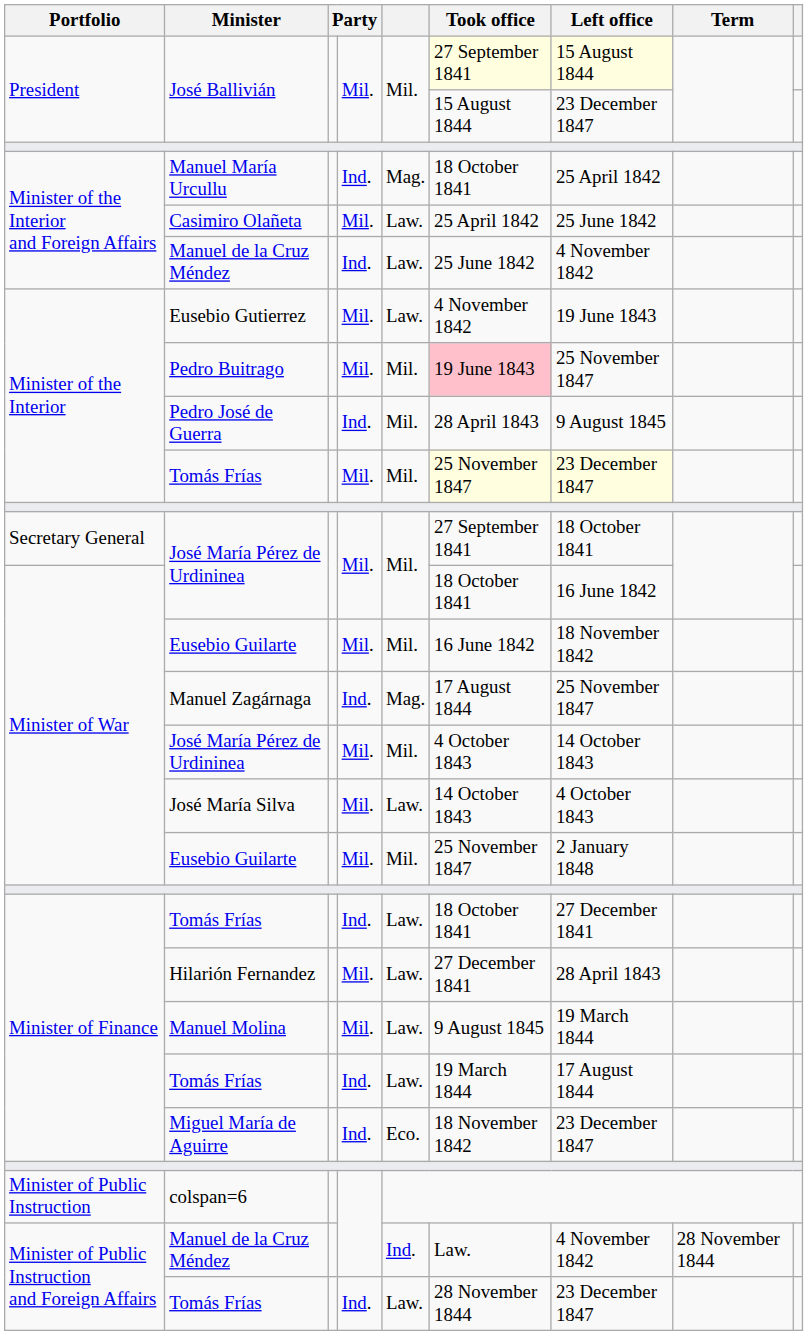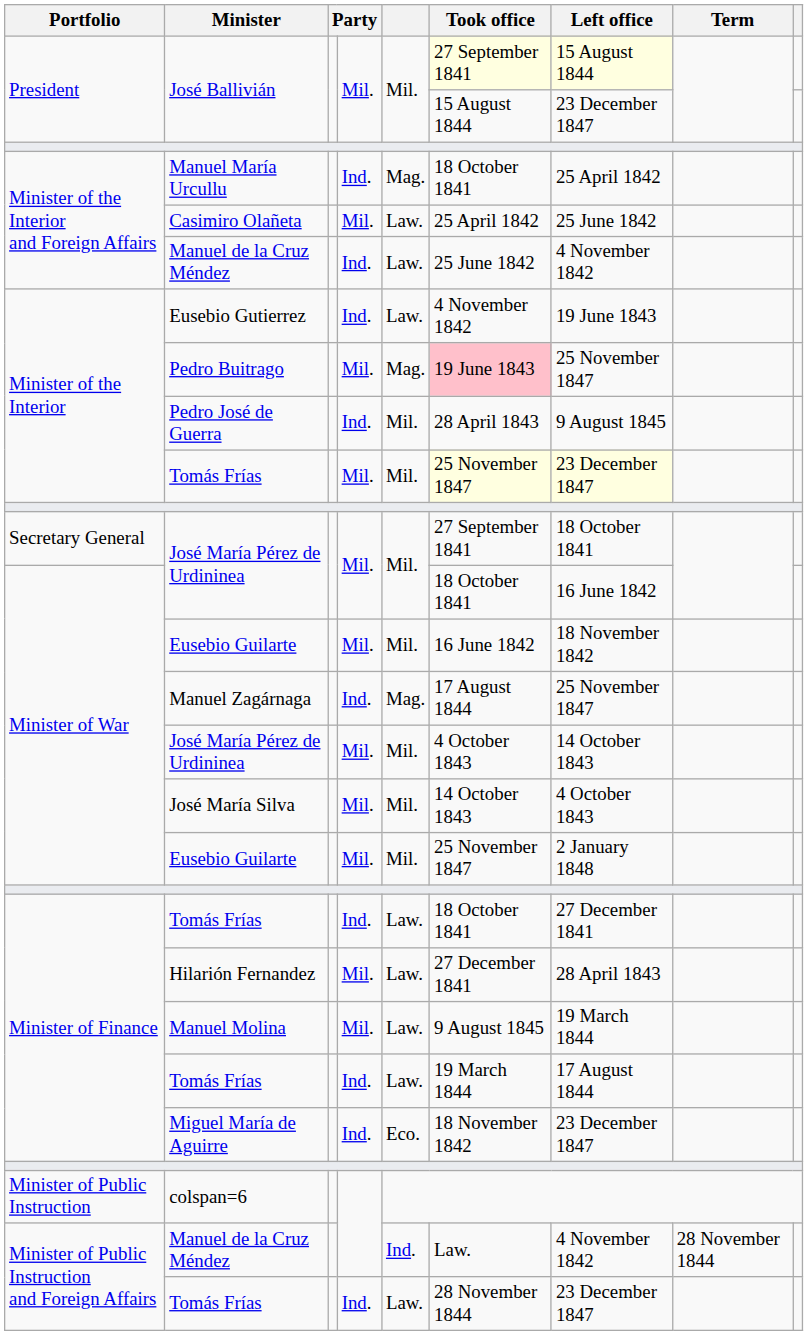 <table class="wikitable" style="font-size: 90%;">
 <tr>
 <th>Portfolio</th>
 <th>Minister</th>
 <th colspan="2">Party</th>
 <th></th>
 <th>Took office</th>
 <th>Left office</th>
 <th>Term</th>
 <th></th>
 </tr>
 <tr>
 <td rowspan=2><a href='#'>President</a></td>
 <td rowspan=2><a href='#'>José Ballivián</a></td>
 <td rowspan=2 style="background-color:"></td>
 <td rowspan=2><a href='#'>Mil</a>.</td>
 <td rowspan=2>Mil.</td>
 <td style="background-color:#FFFFE0;">27 September 1841</td>
 <td style="background-color:#FFFFE0;">15 August 1844</td>
 <td rowspan=2></td>
 <td></td>
 </tr>
 <tr>
 <td>15 August 1844</td>
 <td>23 December 1847</td>
 <td></td>
 </tr>
 <tr>
 <td colspan="9" bgcolor="#EAECF0"></td>
 </tr>
 <tr>
 <td rowspan=3><a href='#'>Minister of the Interior<br>and Foreign Affairs</a></td>
 <td><a href='#'>Manuel María Urcullu</a></td>
 <td style="background-color:"></td>
 <td><a href='#'>Ind</a>.</td>
 <td>Mag.</td>
 <td>18 October 1841</td>
 <td>25 April 1842</td>
 <td></td>
 <td></td>
 </tr>
 <tr>
 <td><a href='#'>Casimiro Olañeta</a></td>
 <td style="background-color:"></td>
 <td><a href='#'>Mil</a>.</td>
 <td>Law.</td>
 <td>25 April 1842</td>
 <td>25 June 1842</td>
 <td></td>
 <td></td>
 </tr>
 <tr>
 <td><a href='#'>Manuel de la Cruz Méndez</a></td>
 <td style="background-color:"></td>
 <td><a href='#'>Ind</a>.</td>
 <td>Law.</td>
 <td>25 June 1842</td>
 <td>4 November 1842</td>
 <td></td>
 <td></td>
 </tr>
 <tr>
 <td rowspan=4><a href='#'>Minister of the Interior</a></td>
 <td>Eusebio Gutierrez</td>
 <td style="background-color:"></td>
-<td><a href='#'>Mil</a>.</td>
+<td><a href='#'>Ind</a>.</td>
 <td>Law.</td>
 <td>4 November 1842</td>
 <td>19 June 1843</td>
 <td></td>
 <td></td>
 </tr>
 <tr>
 <td><a href='#'>Pedro Buitrago</a></td>
 <td style="background-color:"></td>
 <td><a href='#'>Mil</a>.</td>
-<td>Mil.</td>
+<td>Mag.</td>
 <td style="background: pink;">19 June 1843</td>
 <td>25 November 1847</td>
 <td></td>
 <td></td>
 </tr>
 <tr>
 <td><a href='#'>Pedro José de Guerra</a></td>
 <td style="background-color:"></td>
 <td><a href='#'>Ind</a>.</td>
 <td>Mil.</td>
 <td>28 April 1843</td>
 <td>9 August 1845</td>
 <td></td>
 <td></td>
 </tr>
 <tr>
 <td><a href='#'>Tomás Frías</a></td>
 <td style="background-color:"></td>
 <td><a href='#'>Mil</a>.</td>
 <td>Mil.</td>
 <td style="background-color:#FFFFE0;">25 November 1847</td>
 <td style="background-color:#FFFFE0;">23 December 1847</td>
 <td></td>
 <td></td>
 </tr>
 <tr>
 <td colspan="9" bgcolor="#EAECF0"></td>
 </tr>
 <tr>
 <td>Secretary General</td>
 <td rowspan=2><a href='#'>José María Pérez de Urdininea</a></td>
 <td rowspan=2 style="background-color:"></td>
 <td rowspan=2><a href='#'>Mil</a>.</td>
 <td rowspan=2>Mil.</td>
 <td>27 September 1841</td>
 <td>18 October 1841</td>
 <td rowspan=2></td>
 <td></td>
 </tr>
 <tr>
 <td rowspan=6><a href='#'>Minister of War</a></td>
 <td>18 October 1841</td>
 <td>16 June 1842</td>
 <td></td>
 </tr>
 <tr>
 <td><a href='#'>Eusebio Guilarte</a></td>
 <td style="background-color:"></td>
 <td><a href='#'>Mil</a>.</td>
 <td>Mil.</td>
 <td>16 June 1842</td>
 <td>18 November 1842</td>
 <td></td>
 <td></td>
 </tr>
 <tr>
 <td>Manuel Zagárnaga</td>
 <td style="background-color:"></td>
 <td><a href='#'>Ind</a>.</td>
 <td>Mag.</td>
 <td>17 August 1844</td>
 <td>25 November 1847</td>
 <td></td>
 <td></td>
 </tr>
 <tr>
 <td><a href='#'>José María Pérez de Urdininea</a></td>
 <td style="background-color:"></td>
 <td><a href='#'>Mil</a>.</td>
 <td>Mil.</td>
 <td>4 October 1843</td>
 <td>14 October 1843</td>
 <td></td>
 <td></td>
 </tr>
 <tr>
 <td>José María Silva</td>
 <td style="background-color:"></td>
 <td><a href='#'>Mil</a>.</td>
-<td>Law.</td>
+<td>Mil.</td>
 <td>14 October 1843</td>
 <td>4 October 1843</td>
 <td></td>
 <td></td>
 </tr>
 <tr>
 <td><a href='#'>Eusebio Guilarte</a></td>
 <td style="background-color:"></td>
 <td><a href='#'>Mil</a>.</td>
 <td>Mil.</td>
 <td>25 November 1847</td>
 <td>2 January 1848</td>
 <td></td>
 <td></td>
 </tr>
 <tr>
 <td colspan="9" bgcolor="#EAECF0"></td>
 </tr>
 <tr>
 <td rowspan=5><a href='#'>Minister of Finance</a></td>
 <td><a href='#'>Tomás Frías</a></td>
 <td style="background-color:"></td>
 <td><a href='#'>Ind</a>.</td>
 <td>Law.</td>
 <td>18 October 1841</td>
 <td>27 December 1841</td>
 <td></td>
 <td></td>
 </tr>
 <tr>
 <td>Hilarión Fernandez</td>
 <td style="background-color:"></td>
 <td><a href='#'>Mil</a>.</td>
 <td>Law.</td>
 <td>27 December 1841</td>
 <td>28 April 1843</td>
 <td></td>
 <td></td>
 </tr>
 <tr>
 <td><a href='#'>Manuel Molina</a></td>
 <td style="background-color:"></td>
 <td><a href='#'>Mil</a>.</td>
 <td>Law.</td>
 <td>9 August 1845</td>
 <td>19 March 1844</td>
 <td></td>
 <td></td>
 </tr>
 <tr>
 <td><a href='#'>Tomás Frías</a></td>
 <td style="background-color:"></td>
 <td><a href='#'>Ind</a>.</td>
 <td>Law.</td>
 <td>19 March 1844</td>
 <td>17 August 1844</td>
 <td></td>
 <td></td>
 </tr>
 <tr>
 <td><a href='#'>Miguel María de Aguirre</a></td>
 <td style="background-color:"></td>
 <td><a href='#'>Ind</a>.</td>
 <td>Eco.</td>
 <td>18 November 1842</td>
 <td>23 December 1847</td>
 <td></td>
 <td></td>
 </tr>
 <tr>
 <td colspan="9" bgcolor="#EAECF0"></td>
 </tr>
 <tr>
 <td><a href='#'>Minister of Public Instruction</a></td>
 <td>colspan=6 </td>
 <td></td>
 <td rowspan=2></td>
 </tr>
 <tr>
 <td rowspan=2><a href='#'>Minister of Public Instruction<br>and Foreign Affairs</a></td>
 <td><a href='#'>Manuel de la Cruz Méndez</a></td>
 <td style="background-color:"></td>
 <td><a href='#'>Ind</a>.</td>
 <td>Law.</td>
 <td>4 November 1842</td>
 <td>28 November 1844</td>
 <td></td>
 </tr>
 <tr>
 <td><a href='#'>Tomás Frías</a></td>
 <td style="background-color:"></td>
 <td><a href='#'>Ind</a>.</td>
 <td>Law.</td>
 <td>28 November 1844</td>
 <td>23 December 1847</td>
 <td></td>
 <td></td>
 </tr>
 </table>
